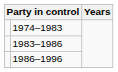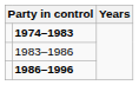 <table class="wikitable">
 <tr>
 <th colspan="2">Party in control</th>
 <th>Years</th>
 </tr>
 <tr>
 <td></td>
-<td>1974–1983</td>
+<td><strong>1974–1983</strong></td>
 </tr>
 <tr>
 <td></td>
 <td>1983–1986</td>
 </tr>
 <tr>
 <td></td>
-<td>1986–1996</td>
+<td><strong>1986–1996</strong></td>
 </tr>
 </table>
